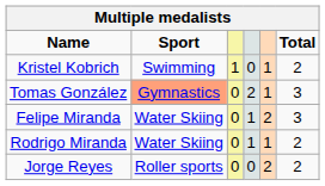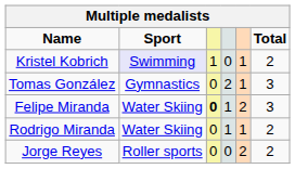 <table class="wikitable" style="font-size:85%; float:right;">
 <tr style="background:#efefef;">
 <th colspan=7><strong>Multiple medalists</strong></th>
 </tr>
 <tr align=center>
 <td><strong>Name</strong></td>
 <td><strong>Sport</strong></td>
 <td style="background:#f7f6a8;"></td>
 <td style="background:#dce5e5;"></td>
 <td style="background:#ffdab9;"></td>
 <td><strong>Total</strong></td>
 </tr>
 <tr align=center>
 <td><a href='#'>Kristel Kobrich</a></td>
-<td><a href='#'>Swimming</a></td>
+<td style="background: lavender;"><a href='#'>Swimming</a></td>
 <td style="background:#f7f6a8;">1</td>
 <td style="background:#dce5e5;">0</td>
 <td style="background:#ffdab9;">1</td>
 <td>2</td>
 </tr>
 <tr align=center>
 <td><a href='#'>Tomas González</a></td>
-<td style="background: lightsalmon;"><a href='#'>Gymnastics</a></td>
+<td><a href='#'>Gymnastics</a></td>
 <td style="background:#f7f6a8;">0</td>
 <td style="background:#dce5e5;">2</td>
 <td style="background:#ffdab9;">1</td>
 <td>3</td>
 </tr>
 <tr align=center>
 <td><a href='#'>Felipe Miranda</a></td>
 <td><a href='#'>Water Skiing</a></td>
-<td style="background:#f7f6a8;">0</td>
+<td style="background:#f7f6a8;"><strong>0</strong></td>
 <td style="background:#dce5e5;">1</td>
 <td style="background:#ffdab9;">2</td>
 <td>3</td>
 </tr>
 <tr align=center>
 <td><a href='#'>Rodrigo Miranda</a></td>
 <td><a href='#'>Water Skiing</a></td>
 <td style="background:#f7f6a8;">0</td>
 <td style="background:#dce5e5;">1</td>
 <td style="background:#ffdab9;">1</td>
 <td>2</td>
 </tr>
 <tr align=center>
 <td><a href='#'>Jorge Reyes</a></td>
 <td><a href='#'>Roller sports</a></td>
 <td style="background:#f7f6a8;">0</td>
 <td style="background:#dce5e5;">0</td>
 <td style="background:#ffdab9;">2</td>
 <td>2</td>
 </tr>
 </table>
